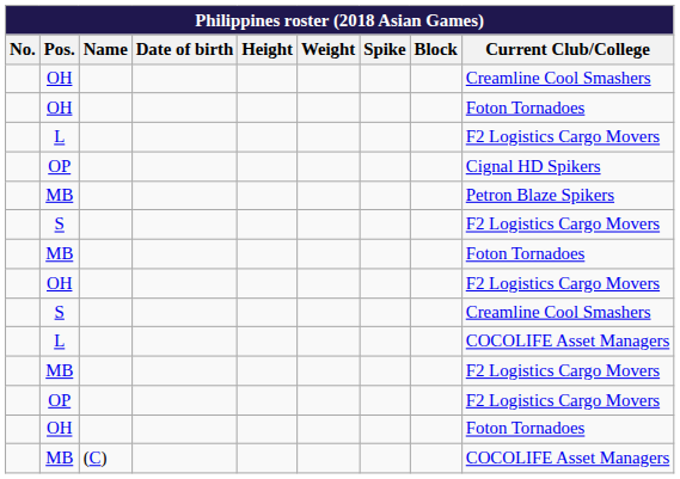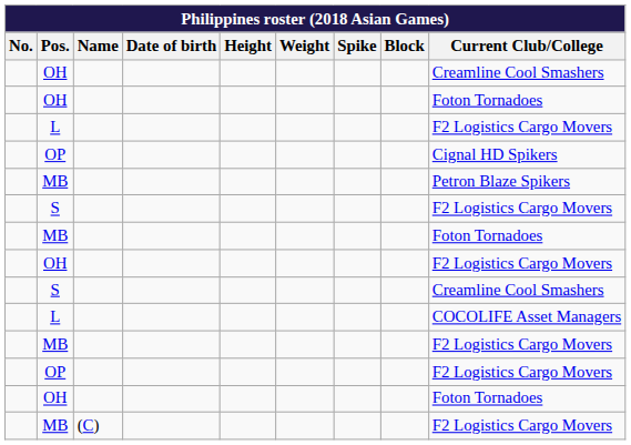 <table class="wikitable sortable" style="font-size:90%; text-align:left;">
 <tr>
 <th colspan=10 style="background:#1F174E; color:#FFFFFF;">Philippines roster (2018 Asian Games)</th>
 </tr>
 <tr>
 <th style= align=center "background:#0038A8; color:white;">No.</th>
 <th style= align=center "background:#0038A8; color:white;">Pos.</th>
 <th style= align=center "width:12em; background:#0038A8; color:white;">Name</th>
 <th style= align=center "width:14em; background:#0038A8; color:white;">Date of birth</th>
 <th style= align=center "width:10em; background:#0038A8; color:white;">Height</th>
 <th style= align=center "width:8em; background:#0038A8; color:white;">Weight</th>
 <th style= align=center "width:8em; background:#0038A8; color:white;">Spike</th>
 <th style= align=center "width:8em; background:#0038A8; color:white;">Block</th>
 <th style= align=center"width:15em; background:#0038A8; color:white;">Current Club/College</th>
 </tr>
 <tr align=center>
 <td></td>
 <td><a href='#'>OH</a></td>
 <td align=left></td>
 <td align=right></td>
 <td></td>
 <td></td>
 <td></td>
 <td></td>
 <td align=left> <a href='#'>Creamline Cool Smashers</a></td>
 </tr>
 <tr align=center>
 <td></td>
 <td><a href='#'>OH</a></td>
 <td align=left></td>
 <td align=right></td>
 <td></td>
 <td></td>
 <td></td>
 <td></td>
 <td align=left> <a href='#'>Foton Tornadoes</a></td>
 </tr>
 <tr align=center>
 <td></td>
 <td><a href='#'>L</a></td>
 <td align=left></td>
 <td align=right></td>
 <td></td>
 <td></td>
 <td></td>
 <td></td>
 <td align=left> <a href='#'>F2 Logistics Cargo Movers</a></td>
 </tr>
 <tr align=center>
 <td></td>
 <td><a href='#'>OP</a></td>
 <td align=left></td>
 <td align=right></td>
 <td></td>
 <td></td>
 <td></td>
 <td></td>
 <td align=left> <a href='#'>Cignal HD Spikers</a></td>
 </tr>
 <tr align=center>
 <td></td>
 <td><a href='#'>MB</a></td>
 <td align=left></td>
 <td align=right></td>
 <td></td>
 <td></td>
 <td></td>
 <td></td>
 <td align=left> <a href='#'>Petron Blaze Spikers</a></td>
 </tr>
 <tr align=center>
 <td></td>
 <td><a href='#'>S</a></td>
 <td align=left></td>
 <td align=right></td>
 <td></td>
 <td></td>
 <td></td>
 <td></td>
 <td align=left> <a href='#'>F2 Logistics Cargo Movers</a></td>
 </tr>
 <tr align=center>
 <td></td>
 <td><a href='#'>MB</a></td>
 <td align=left></td>
 <td align=right></td>
 <td></td>
 <td></td>
 <td></td>
 <td></td>
 <td align=left> <a href='#'>Foton Tornadoes</a></td>
 </tr>
 <tr align=center>
 <td></td>
 <td><a href='#'>OH</a></td>
 <td align=left></td>
 <td align=right></td>
 <td></td>
 <td></td>
 <td></td>
 <td></td>
 <td align=left> <a href='#'>F2 Logistics Cargo Movers</a></td>
 </tr>
 <tr align=center>
 <td></td>
 <td><a href='#'>S</a></td>
 <td align=left></td>
 <td align=right></td>
 <td></td>
 <td></td>
 <td></td>
 <td></td>
 <td align=left> <a href='#'>Creamline Cool Smashers</a></td>
 </tr>
 <tr align=center>
 <td></td>
 <td><a href='#'>L</a></td>
 <td align=left></td>
 <td align=right></td>
 <td></td>
 <td></td>
 <td></td>
 <td></td>
 <td align=left> <a href='#'>COCOLIFE Asset Managers</a></td>
 </tr>
 <tr align=center>
 <td></td>
 <td><a href='#'>MB</a></td>
 <td align=left></td>
 <td align=right></td>
 <td></td>
 <td></td>
 <td></td>
 <td></td>
 <td align=left> <a href='#'>F2 Logistics Cargo Movers</a></td>
 </tr>
 <tr align=center>
 <td></td>
 <td><a href='#'>OP</a></td>
 <td align=left></td>
 <td align=right></td>
 <td></td>
 <td></td>
 <td></td>
 <td></td>
 <td align=left> <a href='#'>F2 Logistics Cargo Movers</a></td>
 </tr>
 <tr align=center>
 <td></td>
 <td><a href='#'>OH</a></td>
 <td align=left></td>
 <td align=right></td>
 <td></td>
 <td></td>
 <td></td>
 <td></td>
 <td align=left> <a href='#'>Foton Tornadoes</a></td>
 </tr>
 <tr align=center>
 <td></td>
 <td><a href='#'>MB</a></td>
 <td align=left> (<a href='#'>C</a>)</td>
 <td align=right></td>
 <td></td>
 <td></td>
 <td></td>
 <td></td>
-<td align=left> <a href='#'>COCOLIFE Asset Managers</a></td>
+<td align=left> <a href='#'>F2 Logistics Cargo Movers</a></td>
 </tr>
 </table>
